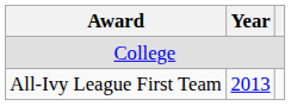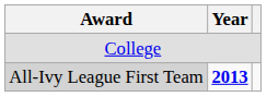 <table class="wikitable">
 <tr>
 <th>Award</th>
 <th>Year</th>
 <th></th>
 </tr>
 <tr ALIGN="center" bgcolor="#e0e0e0">
 <td colspan="3"><a href='#'>College</a></td>
 </tr>
 <tr>
-<td>All-Ivy League First Team</td>
-<td><a href='#'>2013</a></td>
+<td style="background: lightgrey;">All-Ivy League First Team</td>
+<td><strong><a href='#'>2013</a></strong></td>
 <td></td>
 </tr>
 </table>
